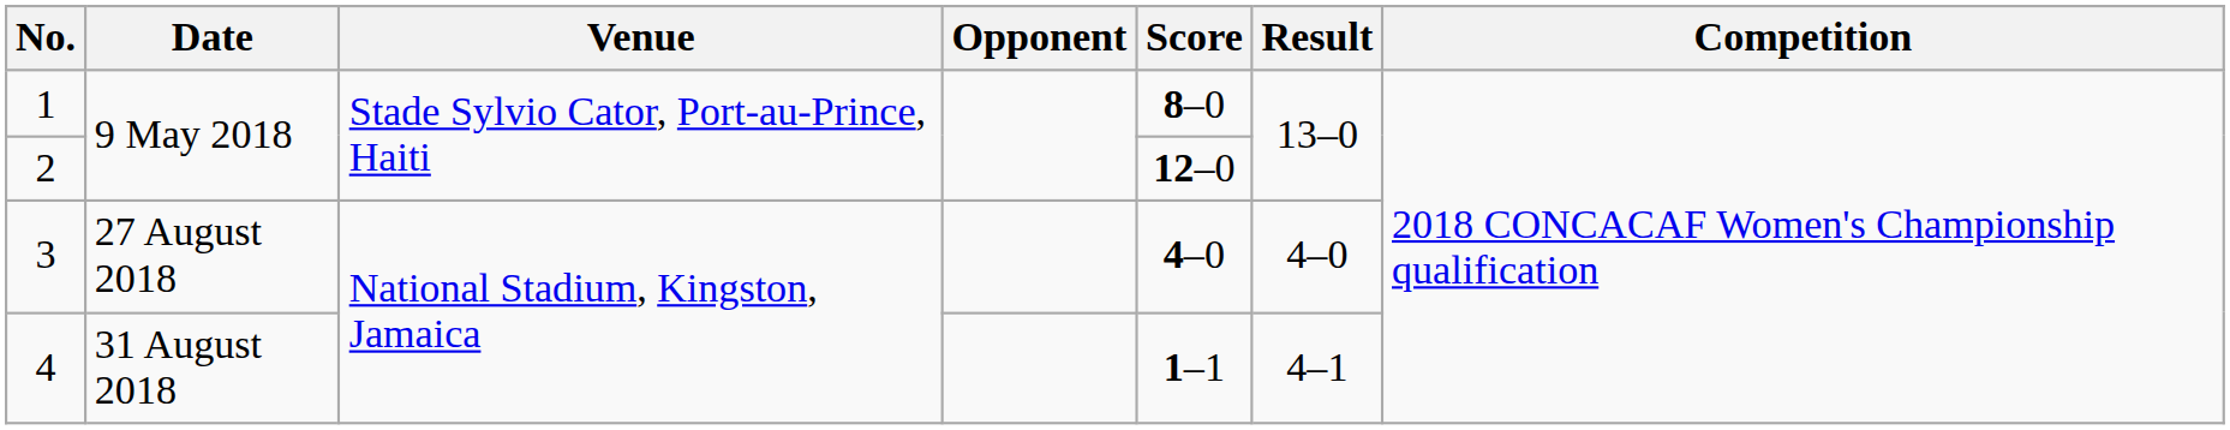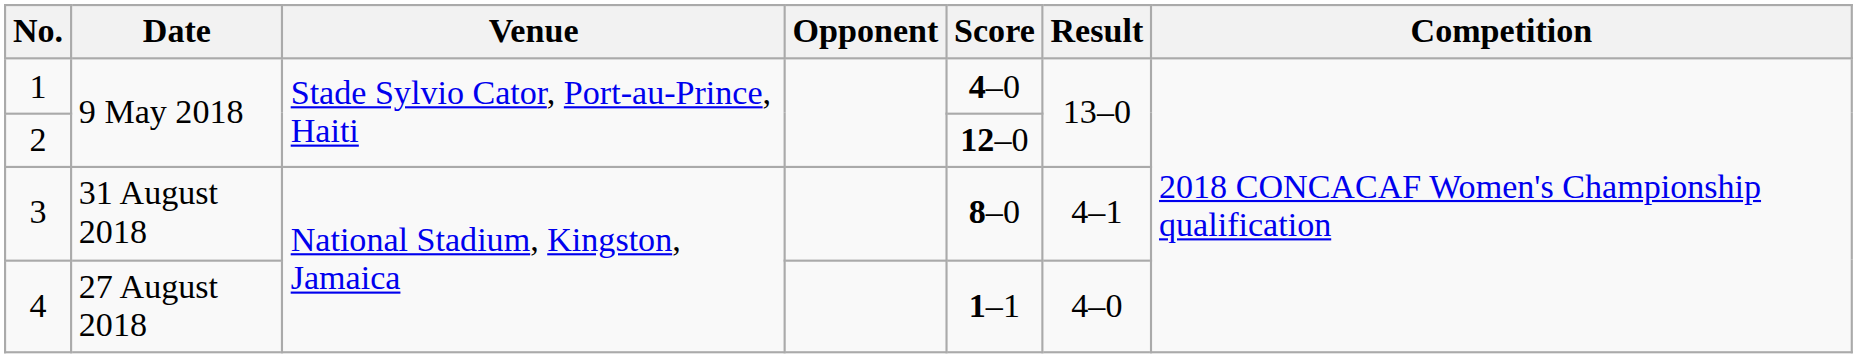 <table class="wikitable">
 <tr>
 <th>No.</th>
 <th>Date</th>
 <th>Venue</th>
 <th>Opponent</th>
 <th>Score</th>
 <th>Result</th>
 <th>Competition</th>
 </tr>
 <tr>
 <td style="text-align:center;">1</td>
 <td rowspan=2>9 May 2018</td>
 <td rowspan=2><a href='#'>Stade Sylvio Cator</a>, <a href='#'>Port-au-Prince</a>, <a href='#'>Haiti</a></td>
 <td rowspan=2></td>
-<td style="text-align:center;"><strong>8</strong>–0</td>
+<td style="text-align:center;"><strong>4</strong>–0</td>
 <td rowspan=2 style="text-align:center;">13–0</td>
 <td rowspan=4><a href='#'>2018 CONCACAF Women's Championship qualification</a></td>
 </tr>
 <tr style="text-align:center;">
 <td>2</td>
 <td><strong>12</strong>–0</td>
 </tr>
 <tr>
 <td style="text-align:center;">3</td>
-<td>27 August 2018</td>
+<td>31 August 2018</td>
 <td rowspan=2><a href='#'>National Stadium</a>, <a href='#'>Kingston</a>, <a href='#'>Jamaica</a></td>
 <td></td>
-<td style="text-align:center;"><strong>4</strong>–0</td>
-<td style="text-align:center;">4–0</td>
+<td style="text-align:center;"><strong>8</strong>–0</td>
+<td style="text-align:center;">4–1</td>
 </tr>
 <tr>
 <td style="text-align:center;">4</td>
-<td>31 August 2018</td>
+<td>27 August 2018</td>
 <td></td>
 <td style="text-align:center;"><strong>1</strong>–1</td>
-<td style="text-align:center;">4–1</td>
+<td style="text-align:center;">4–0</td>
 </tr>
 </table>
